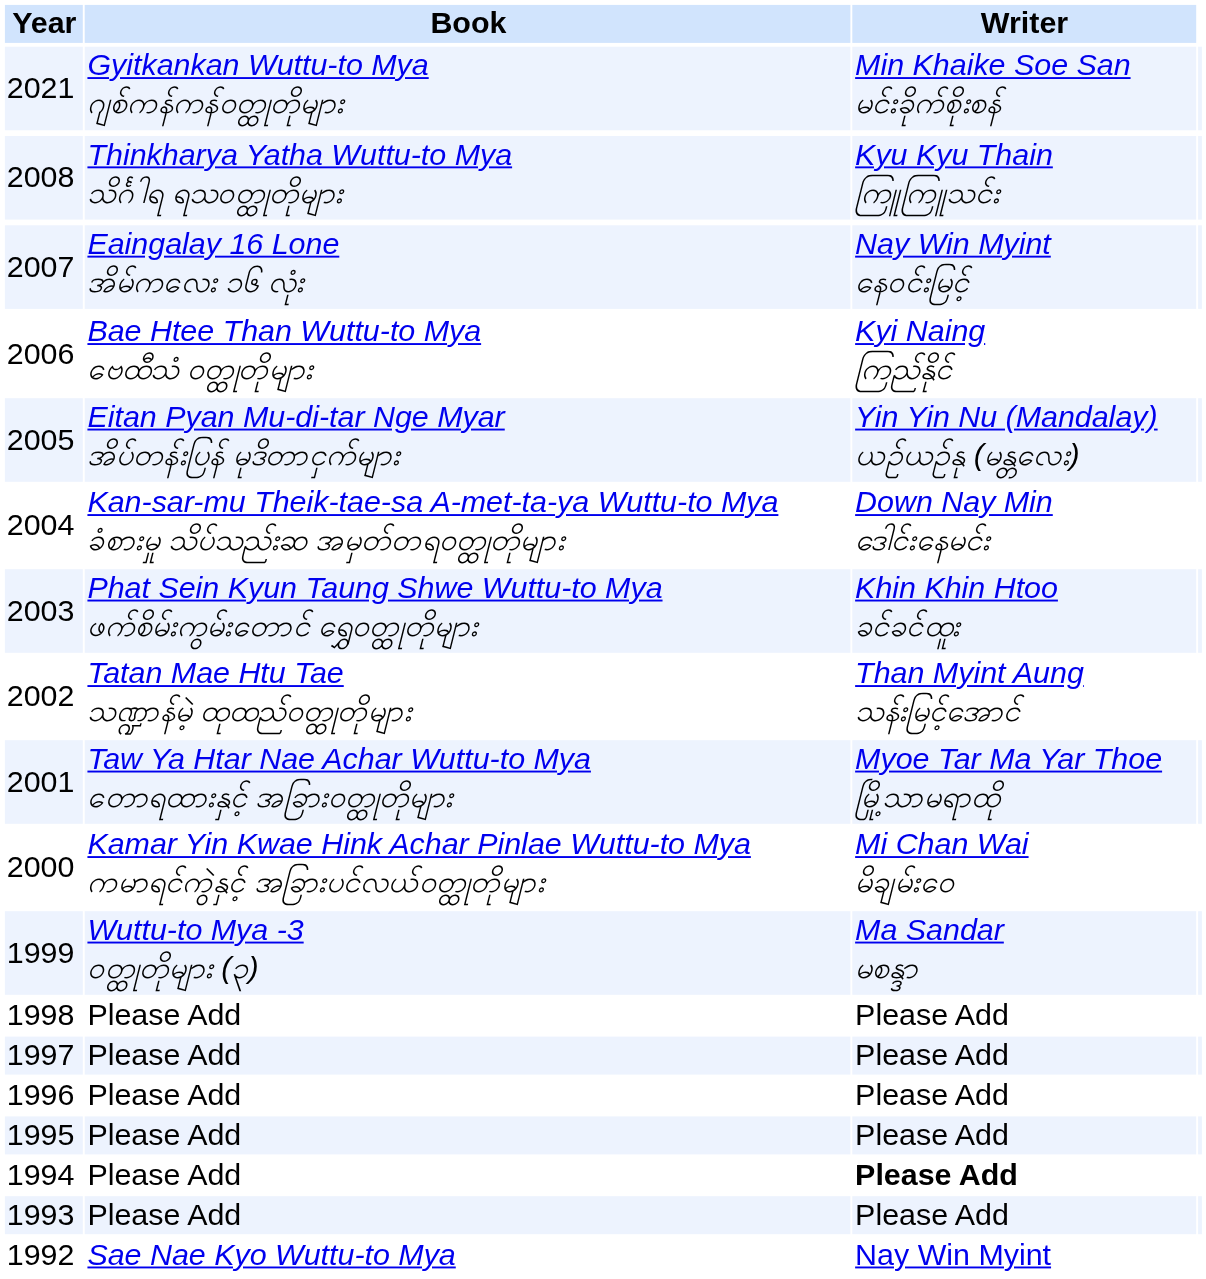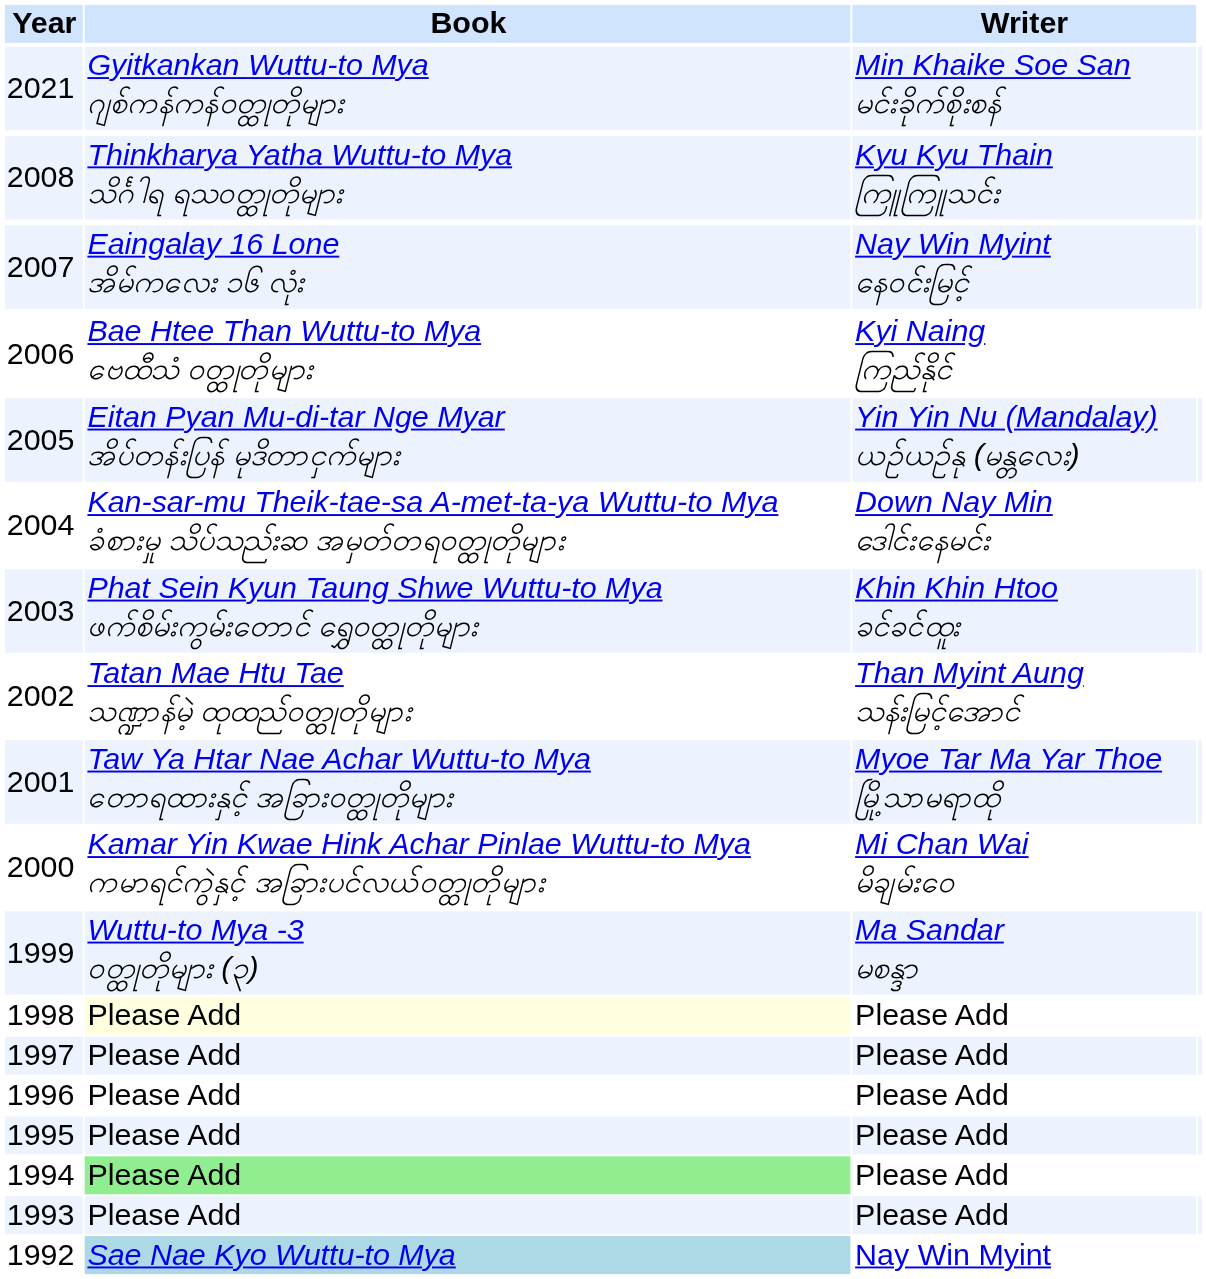 <table cellspacing="1" cellpadding="1" border="0" width="50%">
 <tr bgcolor="#d1e4fd">
 <th>Year</th>
 <th>Book</th>
 <th>Writer</th>
 </tr>
 <tr>
 </tr>
 <tr bgcolor=#edf3fe>
 <td>2021</td>
 <td><em><a href='#'>Gyitkankan Wuttu-to Mya</a></em> <br> <em>ဂျစ်ကန်ကန်ဝတ္ထုတိုများ</em></td>
 <td><em><a href='#'>Min Khaike Soe San</a></em> <br> <em>မင်းခိုက်စိုးစန်</em></td>
 <td></td>
 </tr>
 <tr bgcolor=#edf3fe>
 </tr>
 <tr>
 </tr>
 <tr bgcolor=#edf3fe>
 <td>2008</td>
 <td><em><a href='#'>Thinkharya Yatha Wuttu-to Mya</a></em> <br> <em>သိင်္ဂါရ ရသဝတ္ထုတိုများ</em></td>
 <td><em><a href='#'>Kyu Kyu Thain</a></em> <br> <em>ကြူကြူသင်း</em></td>
 <td></td>
 </tr>
 <tr bgcolor=#edf3fe>
 </tr>
 <tr>
 </tr>
 <tr bgcolor=#edf3fe>
 <td>2007</td>
 <td><em><a href='#'>Eaingalay 16 Lone</a></em> <br> <em>အိမ်ကလေး ၁၆ လုံး</em></td>
 <td><em><a href='#'>Nay Win Myint</a></em> <br> <em>နေဝင်းမြင့်</em></td>
 <td></td>
 </tr>
 <tr bgcolor=#edf3fe>
 </tr>
 <tr>
 <td>2006</td>
 <td><em><a href='#'>Bae Htee Than Wuttu-to Mya</a></em> <br> <em>ဗေထီသံ ဝတ္ထုတိုများ</em></td>
 <td><em><a href='#'>Kyi Naing</a></em> <br> <em>ကြည်နိုင်</em></td>
 <td></td>
 </tr>
 <tr bgcolor=#edf3fe>
 <td>2005</td>
 <td><em><a href='#'>Eitan Pyan Mu-di-tar Nge Myar</a></em> <br> <em>အိပ်တန်းပြန် မုဒိတာငှက်များ</em></td>
 <td><em><a href='#'>Yin Yin Nu (Mandalay)</a></em>  <br> <em> ယဉ်ယဉ်နု (မန္တလေး)</em></td>
 <td></td>
 </tr>
 <tr>
 <td>2004</td>
 <td><em><a href='#'>Kan-sar-mu Theik-tae-sa A-met-ta-ya Wuttu-to Mya</a></em> <br> <em>ခံစားမှု သိပ်သည်းဆ အမှတ်တရဝတ္ထုတိုများ</em></td>
 <td><em><a href='#'>Down Nay Min</a></em> <br> <em>ဒေါင်းနေမင်း</em></td>
 <td></td>
 </tr>
 <tr bgcolor=#edf3fe>
 <td>2003</td>
 <td><em><a href='#'>Phat Sein Kyun Taung Shwe Wuttu-to Mya</a></em> <br> <em>ဖက်စိမ်းကွမ်းတောင် ရွှေဝတ္ထုတိုများ</em></td>
 <td><em><a href='#'>Khin Khin Htoo</a></em> <br> <em>ခင်ခင်ထူး</em></td>
 <td></td>
 </tr>
 <tr>
 <td>2002</td>
 <td><em><a href='#'>Tatan Mae Htu Tae</a></em> <br> <em>သဏ္ဍာန်မဲ့ ထုထည်ဝတ္ထုတိုများ</em></td>
 <td><em><a href='#'>Than Myint Aung</a></em> <br> <em>သန်းမြင့်အောင်</em></td>
 <td></td>
 </tr>
 <tr bgcolor=#edf3fe>
 <td>2001</td>
 <td><em><a href='#'>Taw Ya Htar Nae Achar Wuttu-to Mya</a></em>  <br> <em>တောရထားနှင့် အခြားဝတ္ထုတိုများ</em></td>
 <td><em><a href='#'>Myoe Tar Ma Yar Thoe</a></em> <br> <em>မြို့သာမရာထို</em></td>
 <td></td>
 </tr>
 <tr>
 <td>2000</td>
 <td><em><a href='#'>Kamar Yin Kwae Hink Achar Pinlae Wuttu-to Mya</a></em> <br> <em>ကမာရင်ကွဲနှင့် အခြားပင်လယ်ဝတ္ထုတိုများ</em></td>
 <td><em><a href='#'>Mi Chan Wai</a></em> <br> <em>မိချမ်းဝေ</em></td>
 <td></td>
 </tr>
 <tr bgcolor=#edf3fe>
 <td>1999</td>
 <td><em><a href='#'>Wuttu-to Mya -3</a></em> <br> <em>ဝတ္ထုတိုများ (၃)</em></td>
 <td><em><a href='#'>Ma Sandar</a></em> <br> <em>မစန္ဒာ</em></td>
 <td></td>
 </tr>
 <tr>
 <td>1998</td>
-<td>Please Add</td>
+<td style="background: lightyellow;">Please Add</td>
 <td>Please Add</td>
 <td></td>
 </tr>
 <tr bgcolor=#edf3fe>
 <td>1997</td>
 <td>Please Add</td>
 <td>Please Add</td>
 <td></td>
 </tr>
 <tr>
 <td>1996</td>
 <td>Please Add</td>
 <td>Please Add</td>
 <td></td>
 </tr>
 <tr bgcolor=#edf3fe>
 <td>1995</td>
 <td>Please Add</td>
 <td>Please Add</td>
 <td></td>
 </tr>
 <tr>
 <td>1994</td>
+<td style="background: lightgreen;">Please Add</td>
 <td>Please Add</td>
-<td><strong>Please Add</strong></td>
 <td></td>
 </tr>
 <tr bgcolor=#edf3fe>
 <td>1993</td>
 <td>Please Add</td>
 <td>Please Add</td>
 <td></td>
 </tr>
 <tr>
 <td>1992</td>
-<td><em><a href='#'>Sae Nae Kyo Wuttu-to Mya</a></em></td>
+<td style="background: lightblue;"><em><a href='#'>Sae Nae Kyo Wuttu-to Mya</a></em></td>
 <td><a href='#'>Nay Win Myint</a></td>
 <td></td>
 </tr>
 <tr bgcolor=#edf3fe>
 </tr>
 </table>
